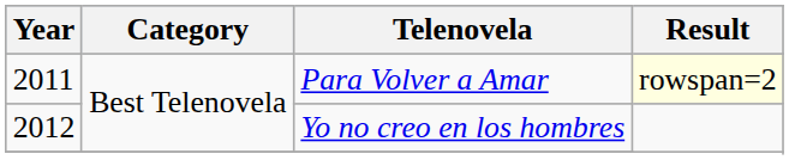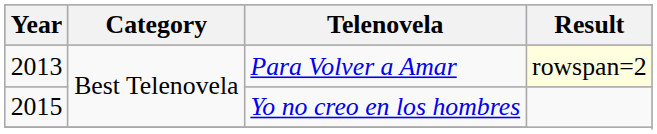 <table class="wikitable">
 <tr style="background:#b0c4de;">
 <th>Year</th>
 <th>Category</th>
 <th>Telenovela</th>
 <th>Result</th>
 </tr>
 <tr>
-<td>2011</td>
+<td>2013</td>
 <td rowspan=2>Best Telenovela</td>
 <td><em><a href='#'>Para Volver a Amar</a></em></td>
 <td style="background: lightyellow;">rowspan=2 </td>
 </tr>
 <tr>
-<td>2012</td>
+<td>2015</td>
 <td><em><a href='#'>Yo no creo en los hombres</a></em></td>
 </tr>
 <tr>
 </tr>
 </table>
